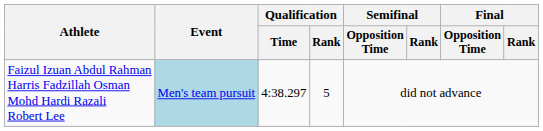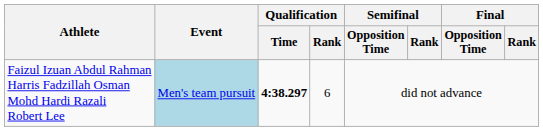 <table class="wikitable" style="font-size:90%;">
 <tr>
 <th rowspan=2>Athlete</th>
 <th rowspan=2>Event</th>
 <th colspan=2>Qualification</th>
 <th colspan=2>Semifinal</th>
 <th colspan=2>Final</th>
 </tr>
 <tr style="font-size:95%">
 <th>Time</th>
 <th>Rank</th>
 <th>Opposition<br>Time</th>
 <th>Rank</th>
 <th>Opposition<br>Time</th>
 <th>Rank</th>
 </tr>
 <tr align=center>
 <td align=left><a href='#'>Faizul Izuan Abdul Rahman</a><br><a href='#'>Harris Fadzillah Osman</a><br><a href='#'>Mohd Hardi Razali</a><br><a href='#'>Robert Lee</a></td>
 <td align=left style="background: lightblue;"><a href='#'>Men's team pursuit</a></td>
-<td>4:38.297</td>
-<td>5</td>
+<td><strong>4:38.297</strong></td>
+<td>6</td>
 <td colspan=4>did not advance</td>
 </tr>
 </table>
